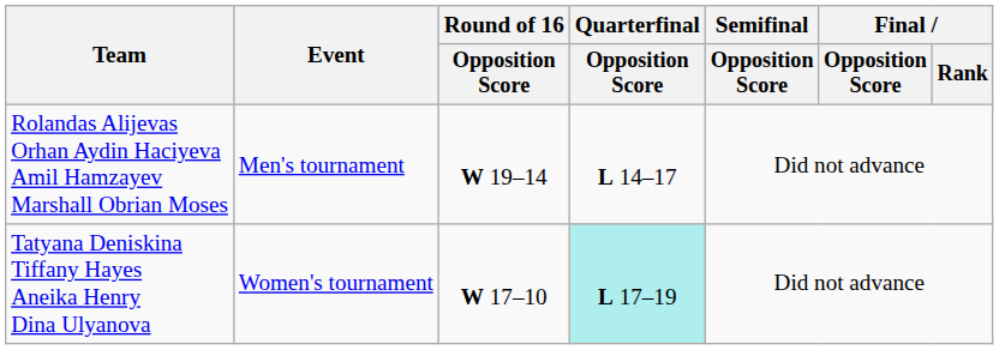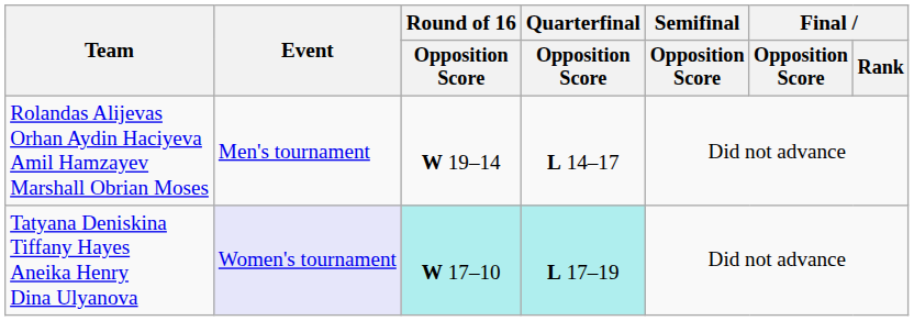 <table class="wikitable" style="font-size:90%">
 <tr>
 <th rowspan=2>Team</th>
 <th rowspan=2>Event</th>
 <th>Round of 16</th>
 <th>Quarterfinal</th>
 <th>Semifinal</th>
 <th colspan=2>Final / </th>
 </tr>
 <tr style="font-size:95%">
 <th>Opposition<br>Score</th>
 <th>Opposition<br>Score</th>
 <th>Opposition<br>Score</th>
 <th>Opposition<br>Score</th>
 <th>Rank</th>
 </tr>
 <tr align=center>
 <td align=left><a href='#'>Rolandas Alijevas</a><br><a href='#'>Orhan Aydin Haciyeva</a><br><a href='#'>Amil Hamzayev</a><br><a href='#'>Marshall Obrian Moses</a></td>
 <td align=left><a href='#'>Men's tournament</a></td>
 <td><br><strong>W</strong> 19–14</td>
 <td><br><strong>L</strong> 14–17</td>
 <td colspan=3>Did not advance</td>
 </tr>
 <tr align=center>
 <td align=left><a href='#'>Tatyana Deniskina</a><br><a href='#'>Tiffany Hayes</a><br><a href='#'>Aneika Henry</a><br><a href='#'>Dina Ulyanova</a></td>
-<td align=left><a href='#'>Women's tournament</a></td>
-<td><br><strong>W</strong> 17–10</td>
+<td align=left style="background: lavender;"><a href='#'>Women's tournament</a></td>
+<td style="background: paleturquoise;"><br><strong>W</strong> 17–10</td>
 <td style="background: paleturquoise;"><br><strong>L</strong> 17–19</td>
 <td colspan=3>Did not advance</td>
 </tr>
 </table>
